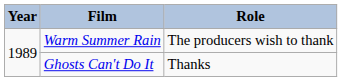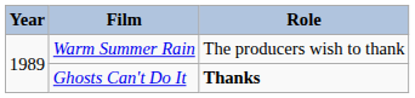 <table class="wikitable" style="font-size:95%;">
 <tr>
 <th style="background:#B0C4DE;">Year</th>
 <th style="background:#B0C4DE;">Film</th>
 <th style="background:#B0C4DE;">Role</th>
 </tr>
 <tr>
 <td rowspan=2>1989</td>
 <td><em><a href='#'>Warm Summer Rain</a></em></td>
 <td>The producers wish to thank</td>
 </tr>
 <tr>
 <td><em><a href='#'>Ghosts Can't Do It</a></em></td>
-<td>Thanks</td>
+<td><strong>Thanks</strong></td>
 </tr>
 </table>
